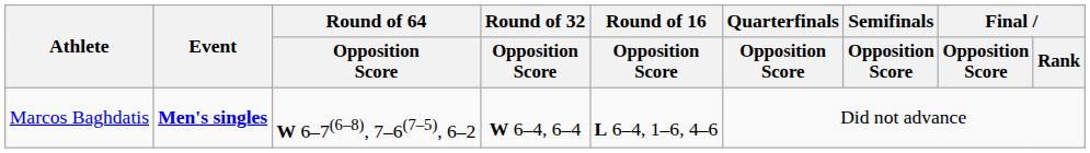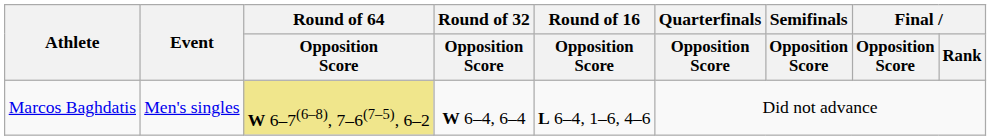 <table class=wikitable style="font-size:90%">
 <tr>
 <th rowspan="2">Athlete</th>
 <th rowspan="2">Event</th>
 <th>Round of 64</th>
 <th>Round of 32</th>
 <th>Round of 16</th>
 <th>Quarterfinals</th>
 <th>Semifinals</th>
 <th colspan=2>Final / </th>
 </tr>
 <tr style="font-size:95%">
 <th>Opposition<br>Score</th>
 <th>Opposition<br>Score</th>
 <th>Opposition<br>Score</th>
 <th>Opposition<br>Score</th>
 <th>Opposition<br>Score</th>
 <th>Opposition<br>Score</th>
 <th>Rank</th>
 </tr>
 <tr align=center>
 <td align=left><a href='#'>Marcos Baghdatis</a></td>
-<td align=left><strong><a href='#'>Men's singles</a></strong></td>
-<td><br><strong>W</strong> 6–7<sup>(6–8)</sup>, 7–6<sup>(7–5)</sup>, 6–2</td>
+<td align=left><a href='#'>Men's singles</a></td>
+<td style="background: khaki;"><br><strong>W</strong> 6–7<sup>(6–8)</sup>, 7–6<sup>(7–5)</sup>, 6–2</td>
 <td><br><strong>W</strong> 6–4, 6–4</td>
 <td><br><strong>L</strong> 6–4, 1–6, 4–6</td>
 <td colspan=4>Did not advance</td>
 </tr>
 </table>
